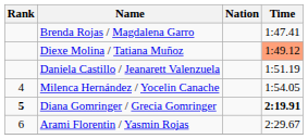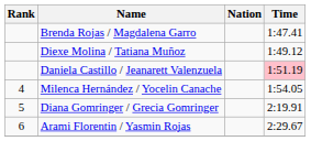 <table class="wikitable sortable" style="text-align:center">
 <tr>
 <th>Rank</th>
 <th>Name</th>
 <th>Nation</th>
 <th>Time</th>
 </tr>
 <tr>
 <td></td>
 <td align=left><a href='#'>Brenda Rojas</a> / <a href='#'>Magdalena Garro</a></td>
 <td align=left></td>
 <td>1:47.41</td>
 </tr>
 <tr>
 <td></td>
 <td align=left><a href='#'>Diexe Molina</a> / <a href='#'>Tatiana Muñoz</a></td>
 <td align=left></td>
-<td style="background: lightsalmon;">1:49.12</td>
+<td>1:49.12</td>
 </tr>
 <tr>
 <td></td>
 <td align=left><a href='#'>Daniela Castillo</a> / <a href='#'>Jeanarett Valenzuela</a></td>
 <td align=left></td>
-<td>1:51.19</td>
+<td style="background: pink;">1:51.19</td>
 </tr>
 <tr>
 <td>4</td>
 <td align=left><a href='#'>Milenca Hernández</a> / <a href='#'>Yocelin Canache</a></td>
 <td align=left></td>
 <td>1:54.05</td>
 </tr>
 <tr>
-<td><strong>5</strong></td>
+<td>5</td>
 <td align=left><a href='#'>Diana Gomringer</a> / <a href='#'>Grecia Gomringer</a></td>
 <td align=left></td>
-<td><strong>2:19.91</strong></td>
+<td>2:19.91</td>
 </tr>
 <tr>
 <td>6</td>
 <td align=left><a href='#'>Arami Florentin</a> / <a href='#'>Yasmin Rojas</a></td>
 <td align=left></td>
 <td>2:29.67</td>
 </tr>
 <tr>
 </tr>
 </table>
